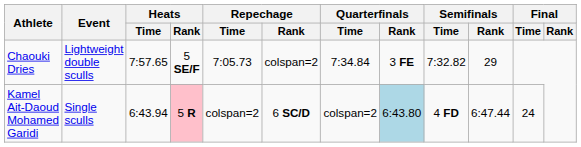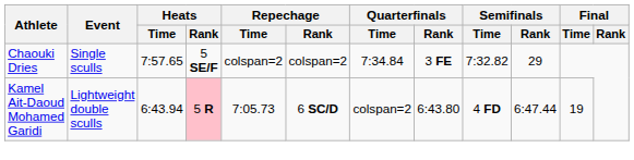 <table class="wikitable" style="font-size:90%">
 <tr>
 <th rowspan="2">Athlete</th>
 <th rowspan="2">Event</th>
 <th colspan="2">Heats</th>
 <th colspan="2">Repechage</th>
 <th colspan="2">Quarterfinals</th>
 <th colspan="2">Semifinals</th>
 <th colspan="2">Final</th>
 </tr>
 <tr style="font-size:95%">
 <th>Time</th>
 <th>Rank</th>
 <th>Time</th>
 <th>Rank</th>
 <th>Time</th>
 <th>Rank</th>
 <th>Time</th>
 <th>Rank</th>
 <th>Time</th>
 <th>Rank</th>
 </tr>
 <tr align=center>
 <td align=left><a href='#'>Chaouki Dries</a></td>
-<td align=left><a href='#'>Lightweight double sculls</a></td>
+<td align=left><a href='#'>Single sculls</a></td>
 <td>7:57.65</td>
 <td>5 <strong>SE/F</strong></td>
-<td>7:05.73</td>
+<td>colspan=2 </td>
 <td>colspan=2 </td>
 <td>7:34.84</td>
 <td>3 <strong>FE</strong></td>
 <td>7:32.82</td>
 <td>29</td>
 </tr>
 <tr align=center>
 <td align=left><a href='#'>Kamel Ait-Daoud</a><br><a href='#'>Mohamed Garidi</a></td>
-<td align=left><a href='#'>Single sculls</a></td>
+<td align=left><a href='#'>Lightweight double sculls</a></td>
 <td>6:43.94</td>
 <td style="background: pink;">5 <strong>R</strong></td>
-<td>colspan=2 </td>
+<td>7:05.73</td>
 <td>6 <strong>SC/D</strong></td>
 <td>colspan=2 </td>
-<td style="background: lightblue;">6:43.80</td>
+<td>6:43.80</td>
 <td>4 <strong>FD</strong></td>
 <td>6:47.44</td>
-<td>24</td>
+<td>19</td>
 </tr>
 </table>
